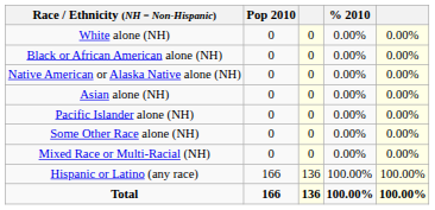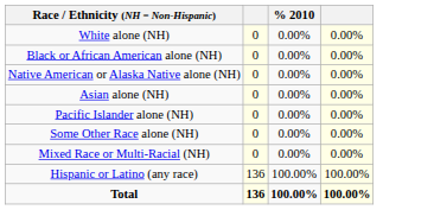 <table class="wikitable" style="text-align:center;">
 <tr>
 <th>Race / Ethnicity <small>(<em>NH = Non-Hispanic</em>)</small></th>
-<th>Pop 2010</th>
 <th></th>
 <th>% 2010</th>
 <th></th>
 </tr>
 <tr>
 <td><a href='#'>White</a> alone (NH)</td>
-<td>0</td>
 <td style='background: #ffffe6;'>0</td>
 <td>0.00%</td>
 <td style='background: #ffffe6;'>0.00%</td>
 </tr>
 <tr>
 <td><a href='#'>Black or African American</a> alone (NH)</td>
-<td>0</td>
 <td style='background: #ffffe6;'>0</td>
 <td>0.00%</td>
 <td style='background: #ffffe6;'>0.00%</td>
 </tr>
 <tr>
 <td><a href='#'>Native American</a> or <a href='#'>Alaska Native</a> alone (NH)</td>
-<td>0</td>
 <td style='background: #ffffe6;'>0</td>
 <td>0.00%</td>
 <td style='background: #ffffe6;'>0.00%</td>
 </tr>
 <tr>
 <td><a href='#'>Asian</a> alone (NH)</td>
-<td>0</td>
 <td style='background: #ffffe6;'>0</td>
 <td>0.00%</td>
 <td style='background: #ffffe6;'>0.00%</td>
 </tr>
 <tr>
 <td><a href='#'>Pacific Islander</a> alone (NH)</td>
-<td>0</td>
 <td style='background: #ffffe6;'>0</td>
 <td>0.00%</td>
 <td style='background: #ffffe6;'>0.00%</td>
 </tr>
 <tr>
 <td><a href='#'>Some Other Race</a> alone (NH)</td>
-<td>0</td>
 <td style='background: #ffffe6;'>0</td>
 <td>0.00%</td>
 <td style='background: #ffffe6;'>0.00%</td>
 </tr>
 <tr>
 <td><a href='#'>Mixed Race or Multi-Racial</a> (NH)</td>
-<td>0</td>
 <td style='background: #ffffe6;'>0</td>
 <td>0.00%</td>
 <td style='background: #ffffe6;'>0.00%</td>
 </tr>
 <tr>
 <td><a href='#'>Hispanic or Latino</a> (any race)</td>
-<td>166</td>
 <td style='background: #ffffe6;'>136</td>
 <td>100.00%</td>
 <td style='background: #ffffe6;'>100.00%</td>
 </tr>
 <tr>
 <td><strong>Total</strong></td>
-<td><strong>166</strong></td>
 <td style='background: #ffffe6;'><strong>136</strong></td>
 <td><strong>100.00%</strong></td>
 <td style='background: #ffffe6;'><strong>100.00%</strong></td>
 </tr>
 </table>
